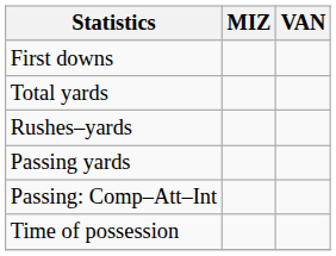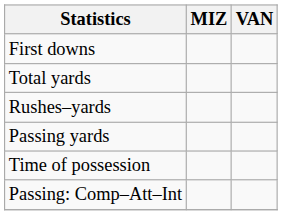 <table class="wikitable" style="float: left;">
 <tr>
 <th>Statistics</th>
 <th>MIZ</th>
 <th>VAN</th>
 </tr>
 <tr>
 <td>First downs</td>
 <td></td>
 <td></td>
 </tr>
 <tr>
 <td>Total yards</td>
 <td></td>
 <td></td>
 </tr>
 <tr>
 <td>Rushes–yards</td>
 <td></td>
 <td></td>
 </tr>
 <tr>
 <td>Passing yards</td>
 <td></td>
 <td></td>
 </tr>
 <tr>
-<td>Passing: Comp–Att–Int</td>
+<td>Time of possession</td>
 <td></td>
 <td></td>
 </tr>
 <tr>
-<td>Time of possession</td>
+<td>Passing: Comp–Att–Int</td>
 <td></td>
 <td></td>
 </tr>
 <tr>
 </tr>
 </table>
